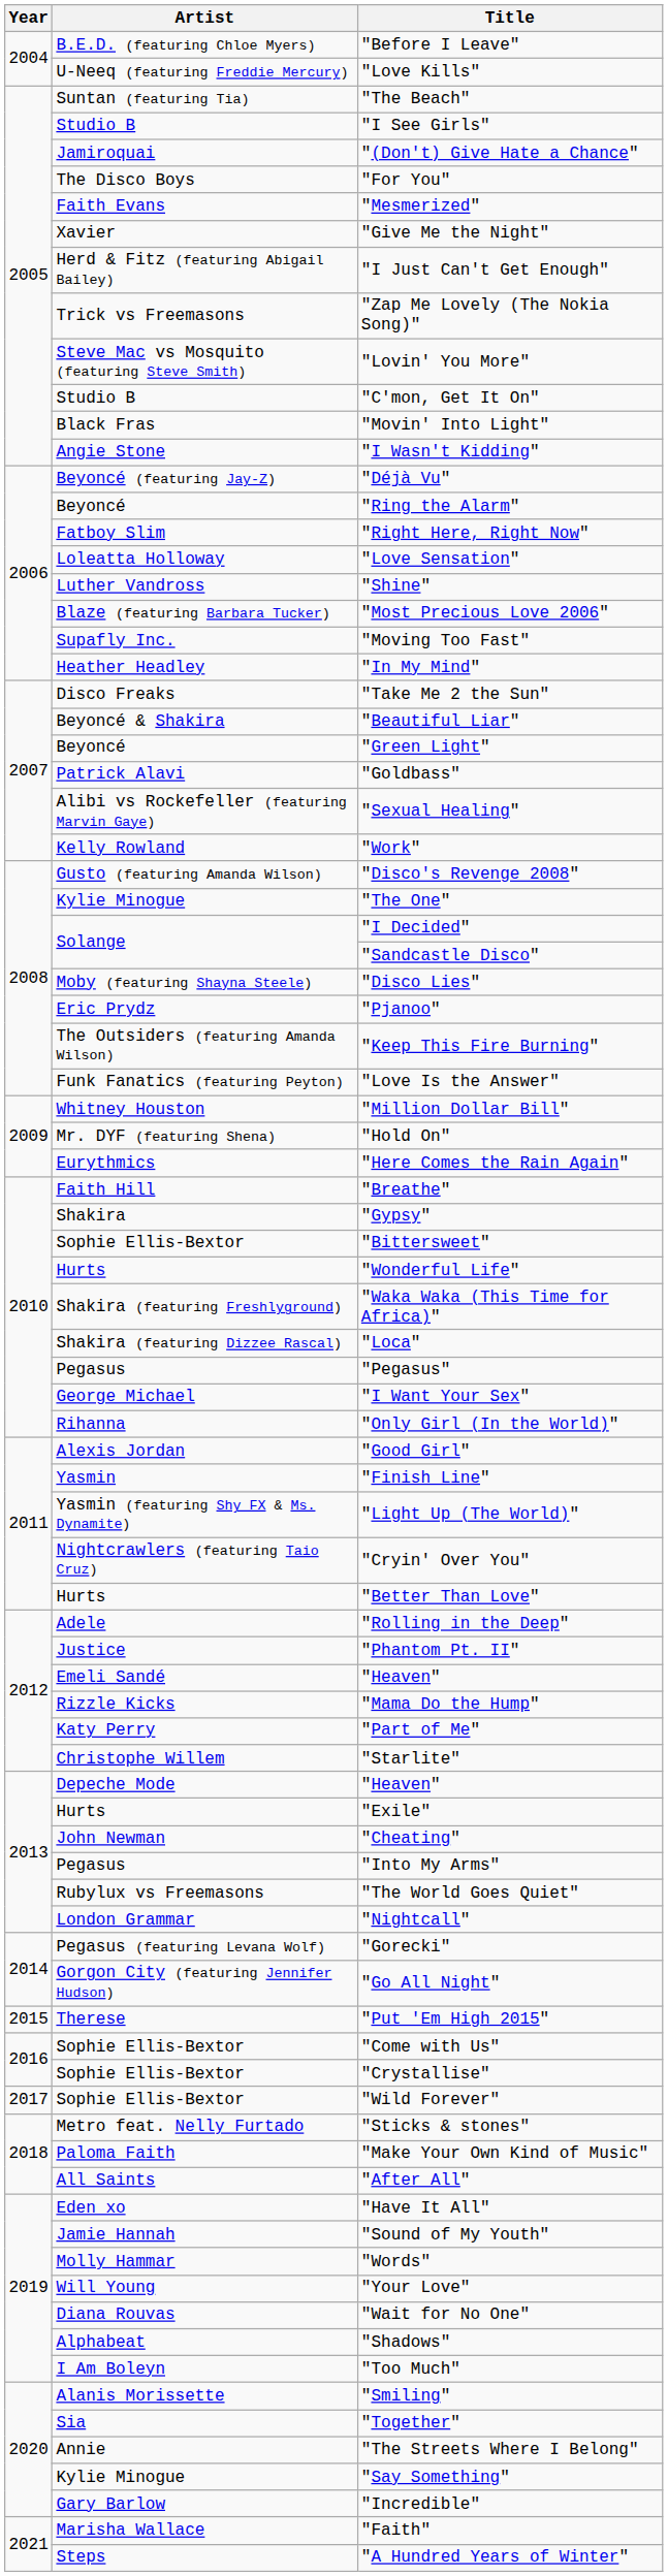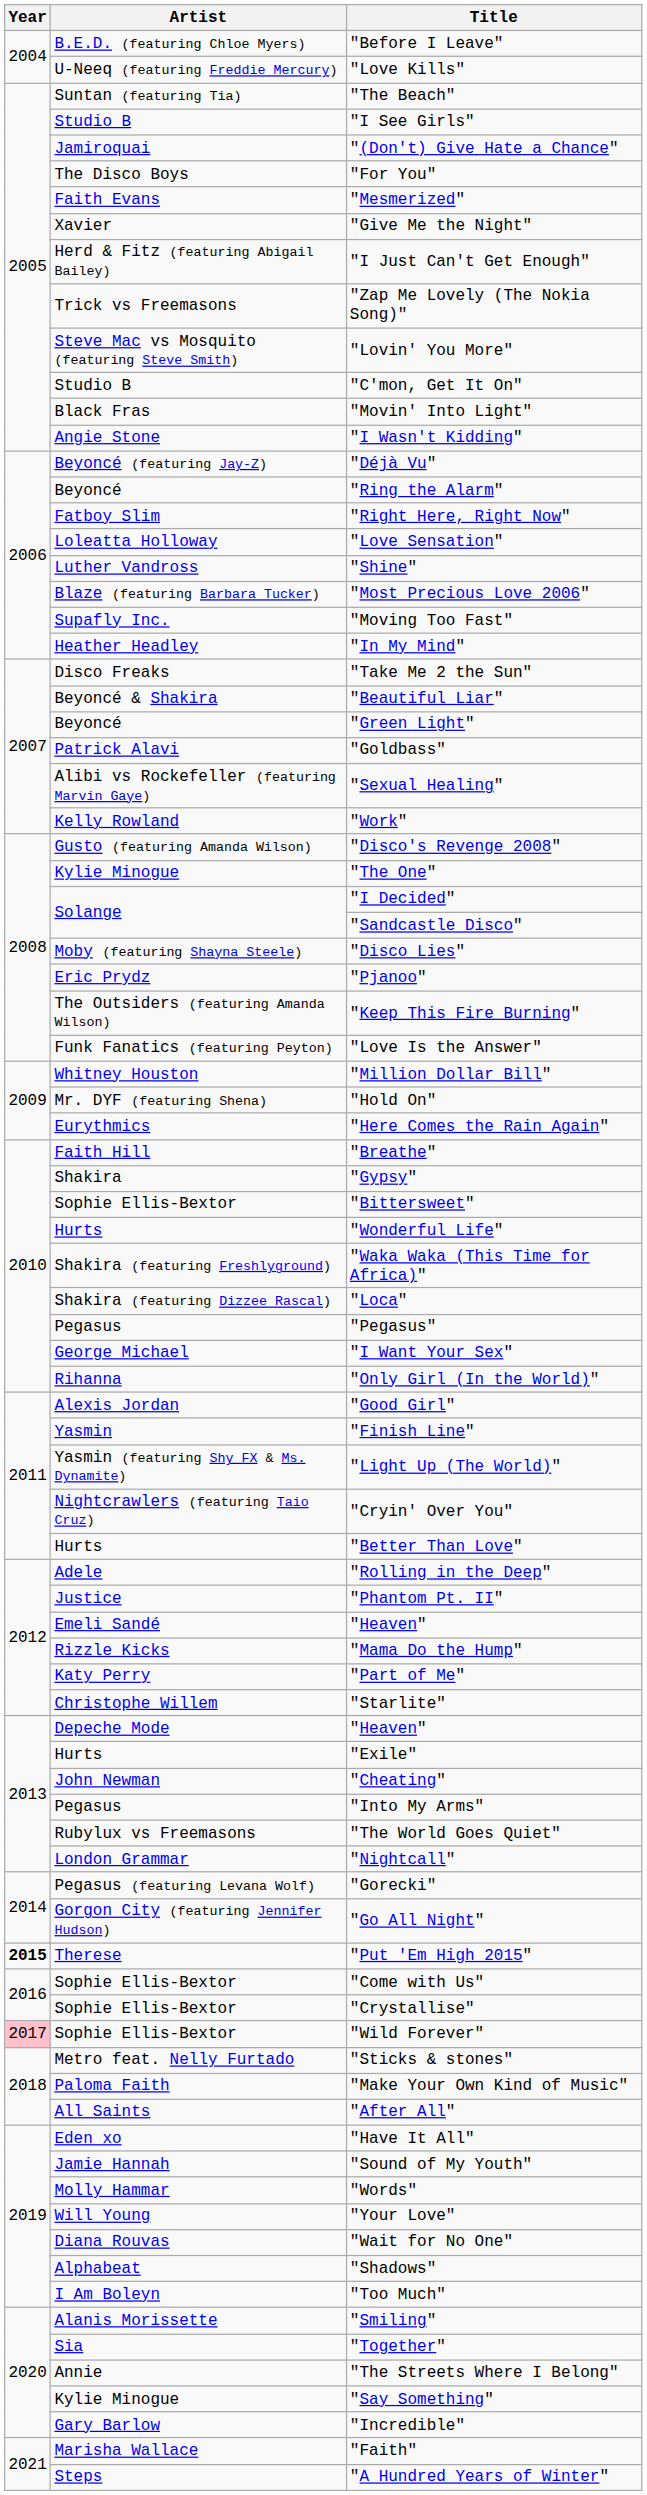 <table class="wikitable" style="text-align:center;">
 <tr>
 <th style="width:2em;">Year</th>
 <th style="width:18em;">Artist</th>
 <th style="width:18em;">Title</th>
 </tr>
 <tr>
 <td rowspan="2">2004</td>
 <td style="text-align:left;"><a href='#'>B.E.D.</a> <small>(featuring Chloe Myers)</small></td>
 <td style="text-align:left;">"Before I Leave"</td>
 </tr>
 <tr>
 <td style="text-align:left;">U-Neeq <small>(featuring <a href='#'>Freddie Mercury</a>)</small></td>
 <td style="text-align:left;">"Love Kills"</td>
 </tr>
 <tr>
 <td rowspan="12">2005</td>
 <td style="text-align:left;">Suntan <small>(featuring Tia)</small></td>
 <td style="text-align:left;">"The Beach"</td>
 </tr>
 <tr>
 <td style="text-align:left;"><a href='#'>Studio B</a></td>
 <td style="text-align:left;">"I See Girls"</td>
 </tr>
 <tr>
 <td style="text-align:left;"><a href='#'>Jamiroquai</a></td>
 <td style="text-align:left;">"<a href='#'>(Don't) Give Hate a Chance</a>"</td>
 </tr>
 <tr>
 <td style="text-align:left;">The Disco Boys</td>
 <td style="text-align:left;">"For You"</td>
 </tr>
 <tr>
 <td style="text-align:left;"><a href='#'>Faith Evans</a></td>
 <td style="text-align:left;">"<a href='#'>Mesmerized</a>"</td>
 </tr>
 <tr>
 <td style="text-align:left;">Xavier</td>
 <td style="text-align:left;">"Give Me the Night"</td>
 </tr>
 <tr>
 <td style="text-align:left;">Herd & Fitz <small>(featuring Abigail Bailey)</small></td>
 <td style="text-align:left;">"I Just Can't Get Enough"</td>
 </tr>
 <tr>
 <td style="text-align:left;">Trick vs Freemasons</td>
 <td style="text-align:left;">"Zap Me Lovely (The Nokia Song)"</td>
 </tr>
 <tr>
 <td style="text-align:left;"><a href='#'>Steve Mac</a> vs Mosquito <br><small>(featuring <a href='#'>Steve Smith</a>)</small></td>
 <td style="text-align:left;">"Lovin' You More"</td>
 </tr>
 <tr>
 <td style="text-align:left;">Studio B</td>
 <td style="text-align:left;">"C'mon, Get It On"</td>
 </tr>
 <tr>
 <td style="text-align:left;">Black Fras</td>
 <td style="text-align:left;">"Movin' Into Light"</td>
 </tr>
 <tr>
 <td style="text-align:left;"><a href='#'>Angie Stone</a></td>
 <td style="text-align:left;">"<a href='#'>I Wasn't Kidding</a>"</td>
 </tr>
 <tr>
 <td rowspan="8">2006</td>
 <td style="text-align:left;"><a href='#'>Beyoncé</a> <small>(featuring <a href='#'>Jay-Z</a>)</small></td>
 <td style="text-align:left;">"<a href='#'>Déjà Vu</a>"</td>
 </tr>
 <tr>
 <td style="text-align:left;">Beyoncé</td>
 <td style="text-align:left;">"<a href='#'>Ring the Alarm</a>"</td>
 </tr>
 <tr>
 <td style="text-align:left;"><a href='#'>Fatboy Slim</a></td>
 <td style="text-align:left;">"<a href='#'>Right Here, Right Now</a>"</td>
 </tr>
 <tr>
 <td style="text-align:left;"><a href='#'>Loleatta Holloway</a></td>
 <td style="text-align:left;">"<a href='#'>Love Sensation</a>"</td>
 </tr>
 <tr>
 <td style="text-align:left;"><a href='#'>Luther Vandross</a></td>
 <td style="text-align:left;">"<a href='#'>Shine</a>"</td>
 </tr>
 <tr>
 <td style="text-align:left;"><a href='#'>Blaze</a> <small>(featuring <a href='#'>Barbara Tucker</a>)</small></td>
 <td style="text-align:left;">"<a href='#'>Most Precious Love 2006</a>"</td>
 </tr>
 <tr>
 <td style="text-align:left;"><a href='#'>Supafly Inc.</a></td>
 <td style="text-align:left;">"Moving Too Fast"</td>
 </tr>
 <tr>
 <td style="text-align:left;"><a href='#'>Heather Headley</a></td>
 <td style="text-align:left;">"<a href='#'>In My Mind</a>"</td>
 </tr>
 <tr>
 <td rowspan="6">2007</td>
 <td style="text-align:left;">Disco Freaks</td>
 <td style="text-align:left;">"Take Me 2 the Sun"</td>
 </tr>
 <tr>
 <td style="text-align:left;">Beyoncé & <a href='#'>Shakira</a></td>
 <td style="text-align:left;">"<a href='#'>Beautiful Liar</a>"</td>
 </tr>
 <tr>
 <td style="text-align:left;">Beyoncé</td>
 <td style="text-align:left;">"<a href='#'>Green Light</a>"</td>
 </tr>
 <tr>
 <td style="text-align:left;"><a href='#'>Patrick Alavi</a></td>
 <td style="text-align:left;">"Goldbass"</td>
 </tr>
 <tr>
 <td style="text-align:left;">Alibi vs Rockefeller <small>(featuring <a href='#'>Marvin Gaye</a>)</small></td>
 <td style="text-align:left;">"<a href='#'>Sexual Healing</a>"</td>
 </tr>
 <tr>
 <td style="text-align:left;"><a href='#'>Kelly Rowland</a></td>
 <td style="text-align:left;">"<a href='#'>Work</a>"</td>
 </tr>
 <tr>
 <td rowspan="8">2008</td>
 <td style="text-align:left;"><a href='#'>Gusto</a> <small>(featuring Amanda Wilson)</small></td>
 <td style="text-align:left;">"<a href='#'>Disco's Revenge 2008</a>"</td>
 </tr>
 <tr>
 <td style="text-align:left;"><a href='#'>Kylie Minogue</a></td>
 <td style="text-align:left;">"<a href='#'>The One</a>"</td>
 </tr>
 <tr>
 <td rowspan=2 style="text-align:left;"><a href='#'>Solange</a></td>
 <td style="text-align:left;">"<a href='#'>I Decided</a>"</td>
 </tr>
 <tr>
 <td style="text-align:left;">"<a href='#'>Sandcastle Disco</a>"</td>
 </tr>
 <tr>
 <td style="text-align:left;"><a href='#'>Moby</a> <small>(featuring <a href='#'>Shayna Steele</a>)</small></td>
 <td style="text-align:left;">"<a href='#'>Disco Lies</a>"</td>
 </tr>
 <tr>
 <td style="text-align:left;"><a href='#'>Eric Prydz</a></td>
 <td style="text-align:left;">"<a href='#'>Pjanoo</a>"</td>
 </tr>
 <tr>
 <td style="text-align:left;">The Outsiders <small>(featuring Amanda Wilson)</small></td>
 <td style="text-align:left;">"<a href='#'>Keep This Fire Burning</a>"</td>
 </tr>
 <tr>
 <td style="text-align:left;">Funk Fanatics <small>(featuring Peyton)</small></td>
 <td style="text-align:left;">"Love Is the Answer"</td>
 </tr>
 <tr>
 <td rowspan="3">2009</td>
 <td style="text-align:left;"><a href='#'>Whitney Houston</a></td>
 <td style="text-align:left;">"<a href='#'>Million Dollar Bill</a>"</td>
 </tr>
 <tr>
 <td style="text-align:left;">Mr. DYF <small>(featuring Shena)</small></td>
 <td style="text-align:left;">"Hold On"</td>
 </tr>
 <tr>
 <td style="text-align:left;"><a href='#'>Eurythmics</a></td>
 <td style="text-align:left;">"<a href='#'>Here Comes the Rain Again</a>"</td>
 </tr>
 <tr>
 <td rowspan="9">2010</td>
 <td style="text-align:left;"><a href='#'>Faith Hill</a></td>
 <td style="text-align:left;">"<a href='#'>Breathe</a>"</td>
 </tr>
 <tr>
 <td style="text-align:left;">Shakira</td>
 <td style="text-align:left;">"<a href='#'>Gypsy</a>"</td>
 </tr>
 <tr>
 <td style="text-align:left;">Sophie Ellis-Bextor</td>
 <td style="text-align:left;">"<a href='#'>Bittersweet</a>"</td>
 </tr>
 <tr>
 <td style="text-align:left;"><a href='#'>Hurts</a></td>
 <td style="text-align:left;">"<a href='#'>Wonderful Life</a>"</td>
 </tr>
 <tr>
 <td style="text-align:left;">Shakira <small>(featuring <a href='#'>Freshlyground</a>)</small></td>
 <td style="text-align:left;">"<a href='#'>Waka Waka (This Time for Africa)</a>"</td>
 </tr>
 <tr>
 <td style="text-align:left;">Shakira <small>(featuring <a href='#'>Dizzee Rascal</a>)</small></td>
 <td style="text-align:left;">"<a href='#'>Loca</a>"</td>
 </tr>
 <tr>
 <td style="text-align:left;">Pegasus</td>
 <td style="text-align:left;">"Pegasus"</td>
 </tr>
 <tr>
 <td style="text-align:left;"><a href='#'>George Michael</a></td>
 <td style="text-align:left;">"<a href='#'>I Want Your Sex</a>"</td>
 </tr>
 <tr>
 <td style="text-align:left;"><a href='#'>Rihanna</a></td>
 <td style="text-align:left;">"<a href='#'>Only Girl (In the World)</a>"</td>
 </tr>
 <tr>
 <td rowspan="5">2011</td>
 <td style="text-align:left;"><a href='#'>Alexis Jordan</a></td>
 <td style="text-align:left;">"<a href='#'>Good Girl</a>"</td>
 </tr>
 <tr>
 <td style="text-align:left;"><a href='#'>Yasmin</a></td>
 <td style="text-align:left;">"<a href='#'>Finish Line</a>"</td>
 </tr>
 <tr>
 <td style="text-align:left;">Yasmin <small>(featuring <a href='#'>Shy FX</a> & <a href='#'>Ms. Dynamite</a>)</small></td>
 <td style="text-align:left;">"<a href='#'>Light Up (The World)</a>"</td>
 </tr>
 <tr>
 <td style="text-align:left;"><a href='#'>Nightcrawlers</a> <small>(featuring <a href='#'>Taio Cruz</a>)</small></td>
 <td style="text-align:left;">"Cryin' Over You"</td>
 </tr>
 <tr>
 <td style="text-align:left;">Hurts</td>
 <td style="text-align:left;">"<a href='#'>Better Than Love</a>"</td>
 </tr>
 <tr>
 <td rowspan="6">2012</td>
 <td style="text-align:left;"><a href='#'>Adele</a></td>
 <td style="text-align:left;">"<a href='#'>Rolling in the Deep</a>"</td>
 </tr>
 <tr>
 <td style="text-align:left;"><a href='#'>Justice</a></td>
 <td style="text-align:left;">"<a href='#'>Phantom Pt. II</a>"</td>
 </tr>
 <tr>
 <td style="text-align:left;"><a href='#'>Emeli Sandé</a></td>
 <td style="text-align:left;">"<a href='#'>Heaven</a>"</td>
 </tr>
 <tr>
 <td style="text-align:left;"><a href='#'>Rizzle Kicks</a></td>
 <td style="text-align:left;">"<a href='#'>Mama Do the Hump</a>"</td>
 </tr>
 <tr>
 <td style="text-align:left;"><a href='#'>Katy Perry</a></td>
 <td style="text-align:left;">"<a href='#'>Part of Me</a>"</td>
 </tr>
 <tr>
 <td style="text-align:left;"><a href='#'>Christophe Willem</a></td>
 <td style="text-align:left;">"Starlite"</td>
 </tr>
 <tr>
 <td rowspan="6">2013</td>
 <td style="text-align:left;"><a href='#'>Depeche Mode</a></td>
 <td style="text-align:left;">"<a href='#'>Heaven</a>"</td>
 </tr>
 <tr>
 <td style="text-align:left;">Hurts</td>
 <td style="text-align:left;">"Exile"</td>
 </tr>
 <tr>
 <td style="text-align:left;"><a href='#'>John Newman</a></td>
 <td style="text-align:left;">"<a href='#'>Cheating</a>"</td>
 </tr>
 <tr>
 <td style="text-align:left;">Pegasus</td>
 <td style="text-align:left;">"Into My Arms"</td>
 </tr>
 <tr>
 <td style="text-align:left;">Rubylux vs Freemasons</td>
 <td style="text-align:left;">"The World Goes Quiet"</td>
 </tr>
 <tr>
 <td style="text-align:left;"><a href='#'>London Grammar</a></td>
 <td style="text-align:left;">"<a href='#'>Nightcall</a>"</td>
 </tr>
 <tr>
 <td rowspan="2">2014</td>
 <td style="text-align:left;">Pegasus <small>(featuring Levana Wolf)</small></td>
 <td style="text-align:left;">"Gorecki"</td>
 </tr>
 <tr>
 <td style="text-align:left;"><a href='#'>Gorgon City</a> <small>(featuring <a href='#'>Jennifer Hudson</a>)</small></td>
 <td style="text-align:left;">"<a href='#'>Go All Night</a>"</td>
 </tr>
 <tr>
-<td rowspan="1">2015</td>
+<td rowspan="1"><strong>2015</strong></td>
 <td style="text-align:left;"><a href='#'>Therese</a></td>
 <td style="text-align:left;">"<a href='#'>Put 'Em High 2015</a>"</td>
 </tr>
 <tr>
 <td rowspan="2">2016</td>
 <td style="text-align:left;">Sophie Ellis-Bextor</td>
 <td style="text-align:left;">"Come with Us"</td>
 </tr>
 <tr>
 <td style="text-align:left;">Sophie Ellis-Bextor</td>
 <td style="text-align:left;">"Crystallise"</td>
 </tr>
 <tr>
-<td rowspan="1">2017</td>
+<td rowspan="1" style="background: pink;">2017</td>
 <td style="text-align:left;">Sophie Ellis-Bextor</td>
 <td style="text-align:left;">"Wild Forever"</td>
 </tr>
 <tr>
 <td rowspan="3">2018</td>
 <td style="text-align:left;">Metro feat. <a href='#'>Nelly Furtado</a></td>
 <td style="text-align:left;">"Sticks & stones"</td>
 </tr>
 <tr>
 <td style="text-align:left;"><a href='#'>Paloma Faith</a></td>
 <td style="text-align:left;">"Make Your Own Kind of Music"</td>
 </tr>
 <tr>
 <td style="text-align:left;"><a href='#'>All Saints</a></td>
 <td style="text-align:left;">"<a href='#'>After All</a>"</td>
 </tr>
 <tr>
 <td rowspan="7">2019</td>
 <td style="text-align:left;"><a href='#'>Eden xo</a></td>
 <td style="text-align:left;">"Have It All"</td>
 </tr>
 <tr>
 <td style="text-align:left;"><a href='#'>Jamie Hannah</a></td>
 <td style="text-align:left;">"Sound of My Youth"</td>
 </tr>
 <tr>
 <td style="text-align:left;"><a href='#'>Molly Hammar</a></td>
 <td style="text-align:left;">"Words"</td>
 </tr>
 <tr>
 <td style="text-align:left;"><a href='#'>Will Young</a></td>
 <td style="text-align:left;">"Your Love"</td>
 </tr>
 <tr>
 <td style="text-align:left;"><a href='#'>Diana Rouvas</a></td>
 <td style="text-align:left;">"Wait for No One"</td>
 </tr>
 <tr>
 <td style="text-align:left;"><a href='#'>Alphabeat</a></td>
 <td style="text-align:left;">"Shadows"</td>
 </tr>
 <tr>
 <td style="text-align:left;"><a href='#'>I Am Boleyn</a></td>
 <td style="text-align:left;">"Too Much"</td>
 </tr>
 <tr>
 <td rowspan="5">2020</td>
 <td style="text-align:left;"><a href='#'>Alanis Morissette</a></td>
 <td style="text-align:left;">"<a href='#'>Smiling</a>"</td>
 </tr>
 <tr>
 <td style="text-align:left;"><a href='#'>Sia</a></td>
 <td style="text-align:left;">"<a href='#'>Together</a>"</td>
 </tr>
 <tr>
 <td style="text-align:left;">Annie</td>
 <td style="text-align:left;">"The Streets Where I Belong"</td>
 </tr>
 <tr>
 <td style="text-align:left;">Kylie Minogue</td>
 <td style="text-align:left;">"<a href='#'>Say Something</a>"</td>
 </tr>
 <tr>
 <td style="text-align:left;"><a href='#'>Gary Barlow</a></td>
 <td style="text-align:left;">"Incredible"</td>
 </tr>
 <tr>
 <td rowspan="2">2021</td>
 <td style="text-align:left;"><a href='#'>Marisha Wallace</a></td>
 <td style="text-align:left;">"Faith"</td>
 </tr>
 <tr>
 <td style="text-align:left;"><a href='#'>Steps</a></td>
 <td style="text-align:left;">"<a href='#'>A Hundred Years of Winter</a>"</td>
 </tr>
 </table>
